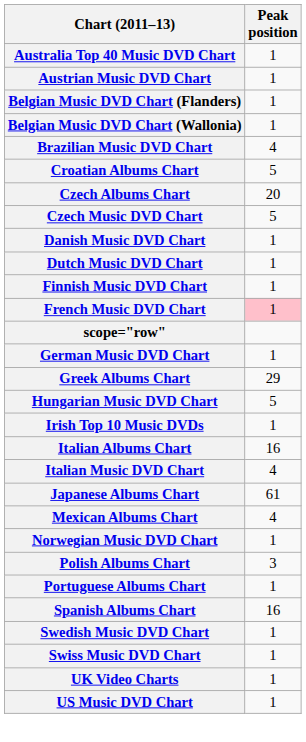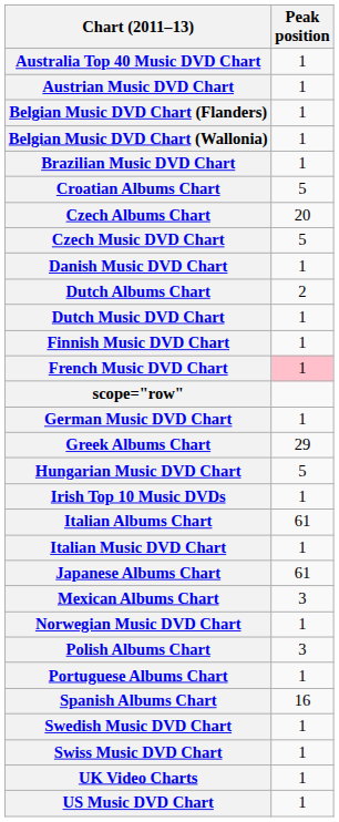 <table class="wikitable sortable plainrowheaders">
 <tr>
 <th>Chart (2011–13)</th>
 <th>Peak<br>position</th>
 </tr>
 <tr>
 <th scope="row"><a href='#'>Australia Top 40 Music DVD Chart</a></th>
 <td style="text-align:center;">1</td>
 </tr>
 <tr>
 <th scope="row"><a href='#'>Austrian Music DVD Chart</a></th>
 <td style="text-align:center;">1</td>
 </tr>
 <tr>
 <th scope="row"><a href='#'>Belgian Music DVD Chart</a> (Flanders)</th>
 <td style="text-align:center;">1</td>
 </tr>
 <tr>
 <th scope="row"><a href='#'>Belgian Music DVD Chart</a> (Wallonia)</th>
 <td style="text-align:center;">1</td>
 </tr>
 <tr>
 <th scope="row"><a href='#'>Brazilian Music DVD Chart</a></th>
-<td style="text-align:center;">4</td>
+<td style="text-align:center;">1</td>
 </tr>
 <tr>
 <th scope="row"><a href='#'>Croatian Albums Chart</a></th>
 <td style="text-align:center;">5</td>
 </tr>
 <tr>
 <th scope="row"><a href='#'>Czech Albums Chart</a></th>
 <td style="text-align:center;">20</td>
 </tr>
 <tr>
 <th scope="row"><a href='#'>Czech Music DVD Chart</a></th>
 <td align="center">5</td>
 </tr>
 <tr>
 <th scope="row"><a href='#'>Danish Music DVD Chart</a></th>
 <td style="text-align:center;">1</td>
+</tr>
+<tr>
+<th scope="row"><a href='#'>Dutch Albums Chart</a></th>
+<td style="text-align:center;">2</td>
 </tr>
 <tr>
 <th scope="row"><a href='#'>Dutch Music DVD Chart</a></th>
 <td style="text-align:center;">1</td>
 </tr>
 <tr>
 <th scope="row"><a href='#'>Finnish Music DVD Chart</a></th>
 <td style="text-align:center;">1</td>
 </tr>
 <tr>
 <th scope="row"><a href='#'>French Music DVD Chart</a></th>
 <td style="background: pink; text-align:center;">1</td>
 </tr>
 <tr>
 <th>scope="row"</th>
 </tr>
 <tr>
 <th scope="row"><a href='#'>German Music DVD Chart</a></th>
 <td align="center">1</td>
 </tr>
 <tr>
 <th scope="row"><a href='#'>Greek Albums Chart</a></th>
 <td style="text-align:center;">29</td>
 </tr>
 <tr>
 <th scope="row"><a href='#'>Hungarian Music DVD Chart</a></th>
 <td align="center">5</td>
 </tr>
 <tr>
 <th scope="row"><a href='#'>Irish Top 10 Music DVDs</a></th>
 <td style="text-align:center;">1</td>
 </tr>
 <tr>
 <th scope="row"><a href='#'>Italian Albums Chart</a></th>
-<td style="text-align:center;">16</td>
+<td style="text-align:center;">61</td>
 </tr>
 <tr>
 <th scope="row"><a href='#'>Italian Music DVD Chart</a></th>
-<td style="text-align:center;">4</td>
+<td style="text-align:center;">1</td>
 </tr>
 <tr>
 <th scope="row"><a href='#'>Japanese Albums Chart</a></th>
 <td style="text-align:center;">61</td>
 </tr>
 <tr>
 <th scope="row"><a href='#'>Mexican Albums Chart</a></th>
-<td align="center">4</td>
+<td align="center">3</td>
 </tr>
 <tr>
 <th scope="row"><a href='#'>Norwegian Music DVD Chart</a></th>
 <td style="text-align:center;">1</td>
 </tr>
 <tr>
 <th scope="row"><a href='#'>Polish Albums Chart</a></th>
 <td style="text-align:center;">3</td>
 </tr>
 <tr>
 <th scope="row"><a href='#'>Portuguese Albums Chart</a></th>
 <td align="center">1</td>
 </tr>
 <tr>
 <th scope="row"><a href='#'>Spanish Albums Chart</a></th>
 <td align="center">16</td>
 </tr>
 <tr>
 <th scope="row"><a href='#'>Swedish Music DVD Chart</a></th>
 <td style="text-align:center;">1</td>
 </tr>
 <tr>
 <th scope="row"><a href='#'>Swiss Music DVD Chart</a></th>
 <td style="text-align:center;">1</td>
 </tr>
 <tr>
 <th scope="row"><a href='#'>UK Video Charts</a></th>
 <td align="center">1</td>
 </tr>
 <tr>
 <th scope="row"><a href='#'>US Music DVD Chart</a></th>
 <td align="center">1</td>
 </tr>
 </table>
